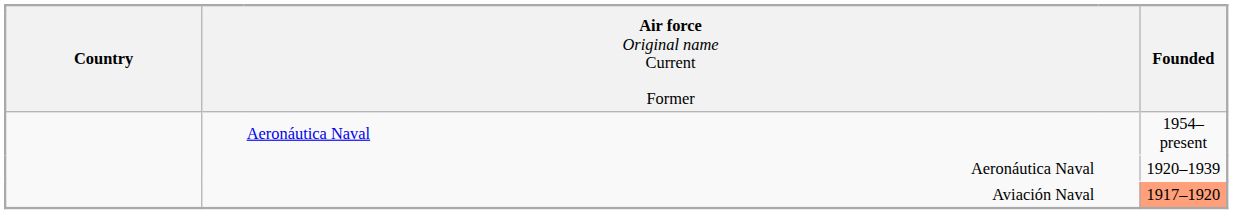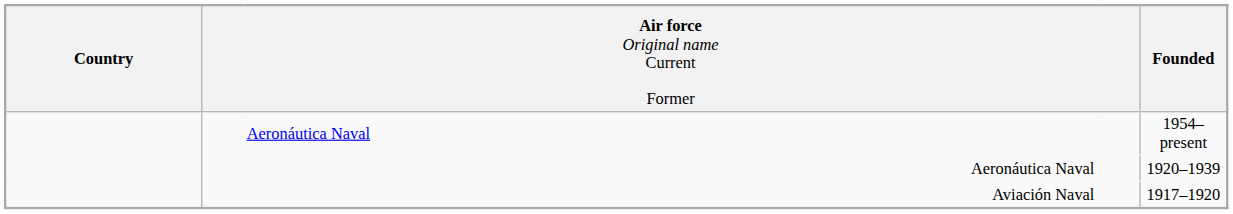 <table width="85%" class="wikitable" style="border:2px solid darkgrey; line-height:12pt; font-size:90%;">
 <tr>
 <th rowspan="2" style="width:165px; border-bottom:none;">Country</th>
 <th style="width:30px; border-bottom:none; border-right:none;"></th>
 <th style="border-bottom:none; border-left:none; border-right:none;"></th>
 <th style="width:30px; border-bottom:none; border-left:none;"></th>
 <th rowspan="2" style="width:70px; border-bottom:none;">Founded</th>
 </tr>
 <tr>
 <th colspan="3" style="border-top:none;font-weight:normal;"><strong>Air force</strong><br><em>Original name</em><div>Current</div><br><div>Former</div></th>
 </tr>
 <tr ------------------------------------------------------style="border-top:solid #aaa 2px">
 <td rowspan="3"></td>
 <td style="border-right:solid #f9f9f9 1px;border-bottom:solid #f9f9f9 1px"></td>
 <td align="left" style="border-right:solid #f9f9f9 1px;border-bottom:solid #f9f9f9 1px"><a href='#'>Aeronáutica Naval</a><br></td>
 <td style="border-bottom:solid #f9f9f9 1px"></td>
 <td align="center" style="border-bottom:solid #f9f9f9 1px">1954–present</td>
 </tr>
 <tr --->
 <td style="border-right:solid #f9f9f9 1px;border-bottom:solid #f9f9f9 1px"></td>
 <td align="right" style="border-right:solid #f9f9f9 1px;border-bottom:solid #f9f9f9 1px">Aeronáutica Naval<br></td>
 <td style="border-bottom:solid #f9f9f9 1px"></td>
 <td style="border-bottom:solid #f9f9f9 1px" align="center">1920–1939</td>
 </tr>
 <tr --->
 <td style="border-right:solid #f9f9f9 1px"></td>
 <td align="right" style="border-right:solid #f9f9f9 1px">Aviación Naval<br></td>
 <td></td>
-<td align="center" style="background: lightsalmon;">1917–1920</td>
+<td align="center">1917–1920</td>
 </tr>
 </table>
